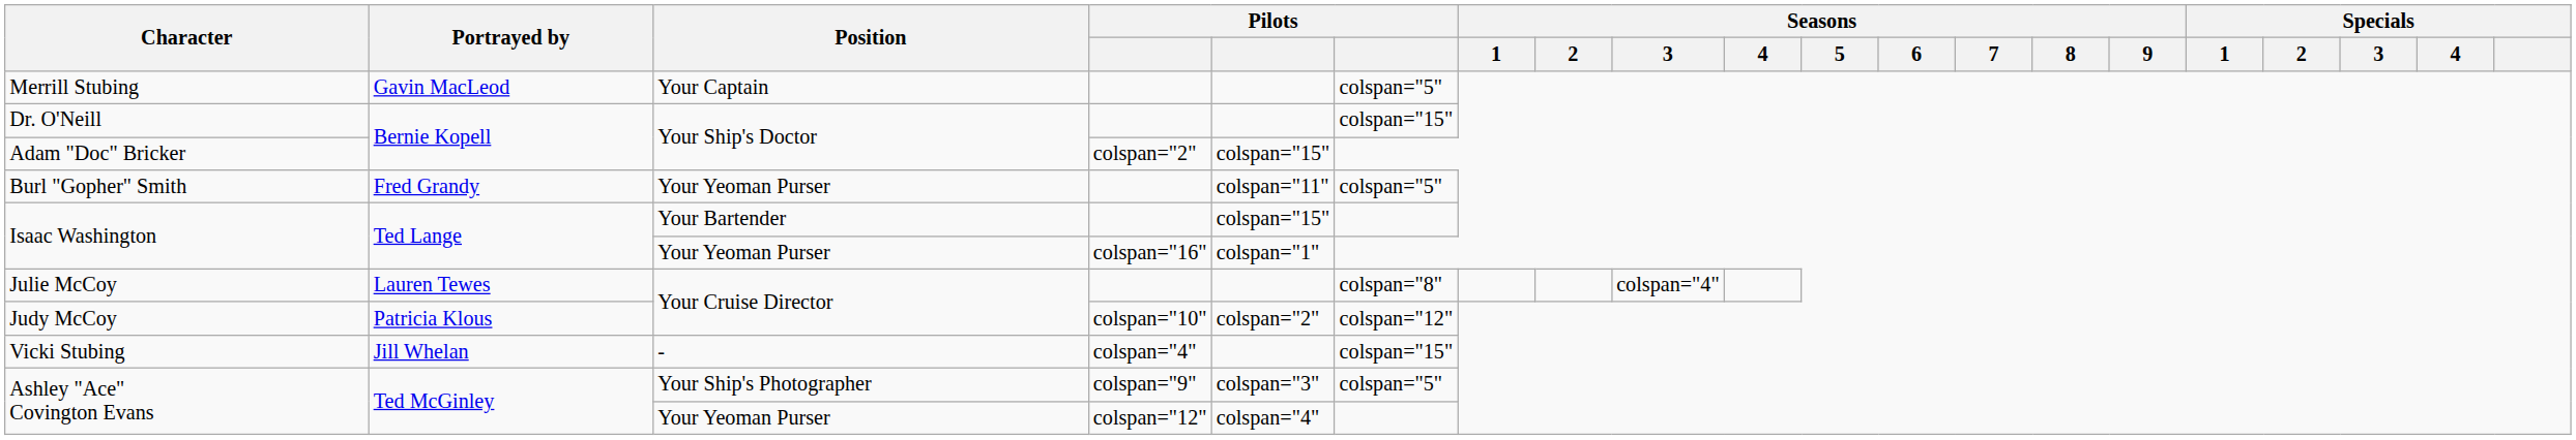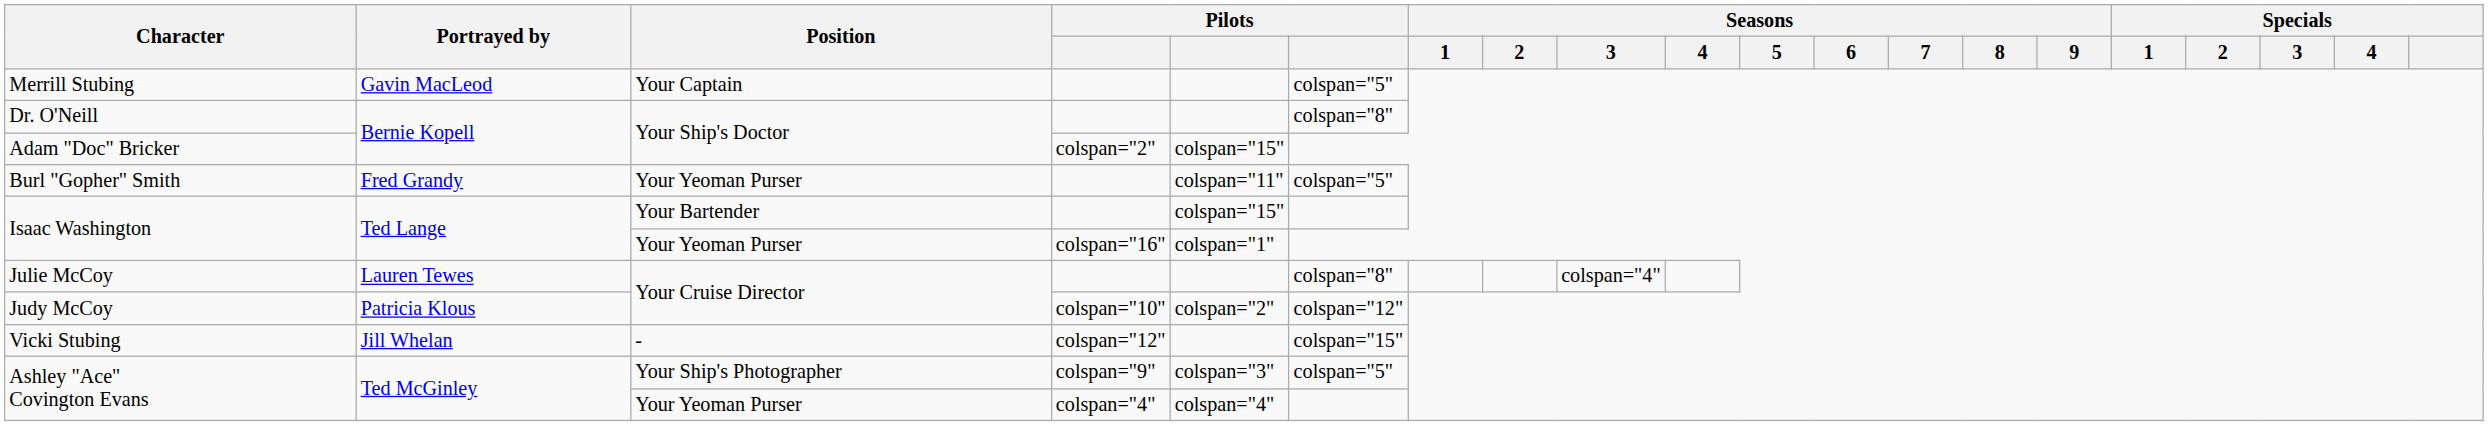 <table class="wikitable" font-size:90%;">
 <tr>
 <th rowspan="2">Character</th>
 <th rowspan="2">Portrayed by</th>
 <th rowspan="2">Position</th>
 <th colspan="3">Pilots</th>
 <th colspan="9">Seasons</th>
 <th colspan="5">Specials</th>
 </tr>
 <tr>
 <th style="width:3%;"></th>
 <th style="width:3%;"></th>
 <th style="width:3%;"></th>
 <th style="width:3%;">1</th>
 <th style="width:3%;">2</th>
 <th style="width:3%;">3</th>
 <th style="width:3%;">4</th>
 <th style="width:3%;">5</th>
 <th style="width:3%;">6</th>
 <th style="width:3%;">7</th>
 <th style="width:3%;">8</th>
 <th style="width:3%;">9</th>
 <th style="width:3%;">1</th>
 <th style="width:3%;">2</th>
 <th style="width:3%;">3</th>
 <th style="width:3%;">4</th>
 <th style="width:3%;"></th>
 </tr>
 <tr>
 <td>Merrill Stubing</td>
 <td><a href='#'>Gavin MacLeod</a></td>
 <td>Your Captain</td>
 <td></td>
 <td></td>
 <td>colspan="5" </td>
 </tr>
 <tr>
 <td>Dr. O'Neill</td>
 <td rowspan="2"><a href='#'>Bernie Kopell</a></td>
 <td rowspan="2">Your Ship's Doctor</td>
 <td></td>
 <td></td>
-<td>colspan="15" </td>
+<td>colspan="8" </td>
 </tr>
 <tr>
 <td>Adam "Doc" Bricker</td>
 <td>colspan="2" </td>
 <td>colspan="15" </td>
 </tr>
 <tr>
 <td>Burl "Gopher" Smith</td>
 <td><a href='#'>Fred Grandy</a></td>
 <td>Your Yeoman Purser</td>
 <td></td>
 <td>colspan="11" </td>
 <td>colspan="5" </td>
 </tr>
 <tr>
 <td rowspan="2">Isaac Washington</td>
 <td rowspan="2"><a href='#'>Ted Lange</a></td>
 <td>Your Bartender</td>
 <td></td>
 <td>colspan="15" </td>
 <td></td>
 </tr>
 <tr>
 <td>Your Yeoman Purser</td>
 <td>colspan="16" </td>
 <td>colspan="1" </td>
 </tr>
 <tr>
 <td>Julie McCoy</td>
 <td><a href='#'>Lauren Tewes</a></td>
 <td rowspan="2">Your Cruise Director</td>
 <td></td>
 <td></td>
 <td>colspan="8" </td>
 <td></td>
 <td></td>
 <td>colspan="4" </td>
 <td></td>
 </tr>
 <tr>
 <td>Judy McCoy</td>
 <td><a href='#'>Patricia Klous</a></td>
 <td>colspan="10" </td>
 <td>colspan="2" </td>
 <td>colspan="12" </td>
 </tr>
 <tr>
 <td>Vicki Stubing</td>
 <td><a href='#'>Jill Whelan</a></td>
 <td>-</td>
-<td>colspan="4" </td>
+<td>colspan="12" </td>
 <td></td>
 <td>colspan="15" </td>
 </tr>
 <tr>
 <td rowspan="2">Ashley "Ace"<br>Covington Evans</td>
 <td rowspan="2"><a href='#'>Ted McGinley</a></td>
 <td>Your Ship's Photographer</td>
 <td>colspan="9" </td>
 <td>colspan="3" </td>
 <td>colspan="5" </td>
 </tr>
 <tr>
 <td>Your Yeoman Purser</td>
-<td>colspan="12" </td>
+<td>colspan="4" </td>
 <td>colspan="4" </td>
 <td></td>
 </tr>
 </table>
